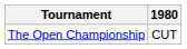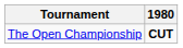 <table class="wikitable" style="font-size:95%;text-align:center;">
 <tr>
 <th>Tournament</th>
 <th>1980</th>
 </tr>
 <tr>
 <td align=left><a href='#'>The Open Championship</a></td>
-<td>CUT</td>
+<td><strong>CUT</strong></td>
 </tr>
 </table>
